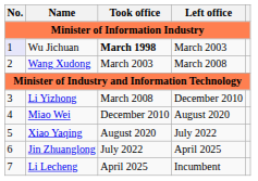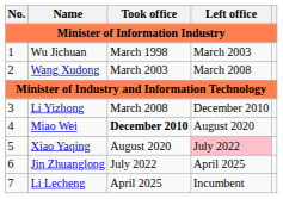 <table class="wikitable">
 <tr>
 <th>No.</th>
 <th>Name</th>
 <th>Took office</th>
 <th>Left office</th>
 <th></th>
 </tr>
 <tr>
 <td colspan="5" bgcolor="coral" align="center"><strong>Minister of Information Industry</strong></td>
 </tr>
 <tr>
-<td style="background: lavender;">1</td>
+<td>1</td>
 <td>Wu Jichuan</td>
-<td><strong>March 1998</strong></td>
+<td>March 1998</td>
 <td>March 2003</td>
 <td></td>
 </tr>
 <tr>
 <td>2</td>
 <td><a href='#'>Wang Xudong</a></td>
 <td>March 2003</td>
 <td>March 2008</td>
 <td></td>
 </tr>
 <tr>
 <td colspan="5" bgcolor="coral" align="center"><strong>Minister of Industry and Information Technology</strong></td>
 </tr>
 <tr>
 <td>3</td>
 <td><a href='#'>Li Yizhong</a></td>
 <td>March 2008</td>
 <td>December 2010</td>
 <td></td>
 </tr>
 <tr>
 <td>4</td>
 <td><a href='#'>Miao Wei</a></td>
-<td>December 2010</td>
+<td><strong>December 2010</strong></td>
 <td>August 2020</td>
 <td></td>
 </tr>
 <tr>
 <td>5</td>
 <td><a href='#'>Xiao Yaqing</a></td>
 <td>August 2020</td>
-<td>July 2022</td>
+<td style="background: pink;">July 2022</td>
 <td></td>
 </tr>
 <tr>
 <td>6</td>
 <td><a href='#'>Jin Zhuanglong</a></td>
 <td>July 2022</td>
 <td>April 2025</td>
 <td></td>
 </tr>
 <tr>
 <td>7</td>
 <td><a href='#'>Li Lecheng</a></td>
 <td>April 2025</td>
 <td>Incumbent</td>
 <td></td>
 </tr>
 </table>
